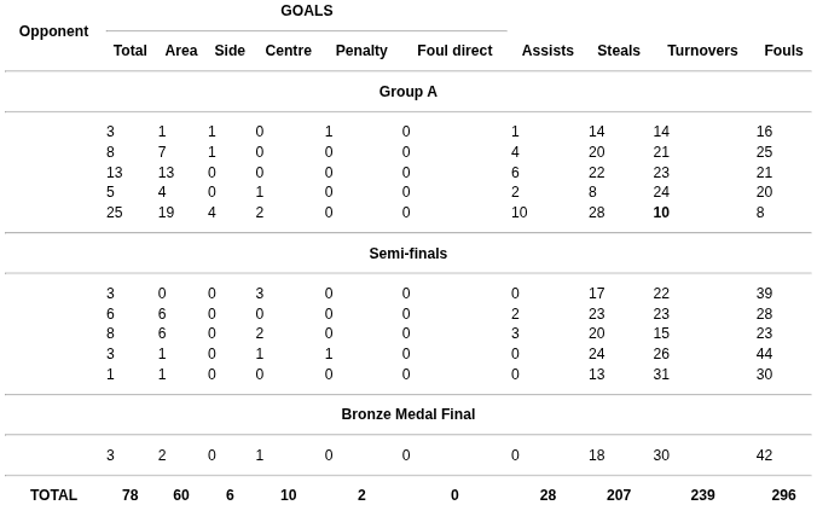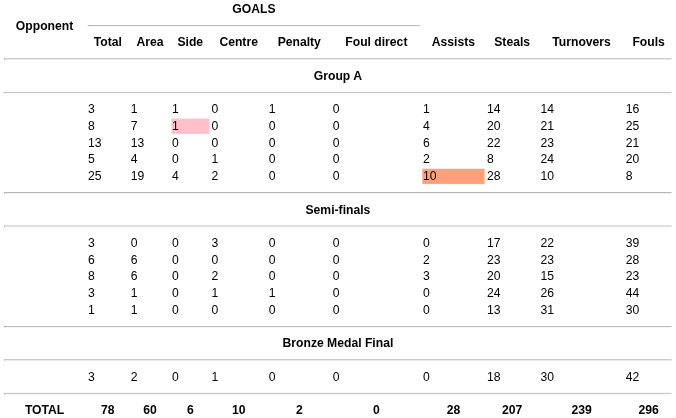 <table border=0 width=100%>
 <tr>
 <th rowspan=3>Opponent</th>
 <th align=center colspan=6 valign=bottom>GOALS</th>
 <th rowspan=3 valign=bottom>Assists</th>
 <th rowspan=3 valign=bottom>Steals</th>
 <th rowspan=3 valign=bottom>Turnovers</th>
 <th rowspan=3 valign=bottom>Fouls</th>
 </tr>
 <tr>
 <th colspan=6><hr></th>
 </tr>
 <tr>
 <th>Total</th>
 <th>Area</th>
 <th>Side</th>
 <th>Centre</th>
 <th>Penalty</th>
 <th>Foul direct</th>
 </tr>
 <tr>
 <th colspan=11><hr></th>
 </tr>
 <tr>
 <th colspan=11>Group A</th>
 </tr>
 <tr>
 <th colspan=11><hr></th>
 </tr>
 <tr>
 <td></td>
 <td>3</td>
 <td>1</td>
 <td>1</td>
 <td>0</td>
 <td>1</td>
 <td>0</td>
 <td>1</td>
 <td>14</td>
 <td>14</td>
 <td>16</td>
 </tr>
 <tr>
 <td></td>
 <td>8</td>
 <td>7</td>
-<td>1</td>
+<td style="background: pink;">1</td>
 <td>0</td>
 <td>0</td>
 <td>0</td>
 <td>4</td>
 <td>20</td>
 <td>21</td>
 <td>25</td>
 </tr>
 <tr>
 <td></td>
 <td>13</td>
 <td>13</td>
 <td>0</td>
 <td>0</td>
 <td>0</td>
 <td>0</td>
 <td>6</td>
 <td>22</td>
 <td>23</td>
 <td>21</td>
 </tr>
 <tr>
 <td></td>
 <td>5</td>
 <td>4</td>
 <td>0</td>
 <td>1</td>
 <td>0</td>
 <td>0</td>
 <td>2</td>
 <td>8</td>
 <td>24</td>
 <td>20</td>
 </tr>
 <tr>
 <td></td>
 <td>25</td>
 <td>19</td>
 <td>4</td>
 <td>2</td>
 <td>0</td>
 <td>0</td>
+<td style="background: lightsalmon;">10</td>
+<td>28</td>
 <td>10</td>
-<td>28</td>
-<td><strong>10</strong></td>
 <td>8</td>
 </tr>
 <tr>
 <th colspan=11><hr></th>
 </tr>
 <tr>
 <th colspan=11>Semi-finals</th>
 </tr>
 <tr>
 <th colspan=11><hr></th>
 </tr>
 <tr>
 <td></td>
 <td>3</td>
 <td>0</td>
 <td>0</td>
 <td>3</td>
 <td>0</td>
 <td>0</td>
 <td>0</td>
 <td>17</td>
 <td>22</td>
 <td>39</td>
 </tr>
 <tr>
 <td></td>
 <td>6</td>
 <td>6</td>
 <td>0</td>
 <td>0</td>
 <td>0</td>
 <td>0</td>
 <td>2</td>
 <td>23</td>
 <td>23</td>
 <td>28</td>
 </tr>
 <tr>
 <td></td>
 <td>8</td>
 <td>6</td>
 <td>0</td>
 <td>2</td>
 <td>0</td>
 <td>0</td>
 <td>3</td>
 <td>20</td>
 <td>15</td>
 <td>23</td>
 </tr>
 <tr>
 <td></td>
 <td>3</td>
 <td>1</td>
 <td>0</td>
 <td>1</td>
 <td>1</td>
 <td>0</td>
 <td>0</td>
 <td>24</td>
 <td>26</td>
 <td>44</td>
 </tr>
 <tr>
 <td></td>
 <td>1</td>
 <td>1</td>
 <td>0</td>
 <td>0</td>
 <td>0</td>
 <td>0</td>
 <td>0</td>
 <td>13</td>
 <td>31</td>
 <td>30</td>
 </tr>
 <tr>
 <th colspan=11><hr></th>
 </tr>
 <tr>
 <th colspan=11>Bronze Medal Final</th>
 </tr>
 <tr>
 <th colspan=11><hr></th>
 </tr>
 <tr>
 <td></td>
 <td>3</td>
 <td>2</td>
 <td>0</td>
 <td>1</td>
 <td>0</td>
 <td>0</td>
 <td>0</td>
 <td>18</td>
 <td>30</td>
 <td>42</td>
 </tr>
 <tr>
 <th colspan=11><hr></th>
 </tr>
 <tr>
 <th>TOTAL</th>
 <th>78</th>
 <th>60</th>
 <th>6</th>
 <th>10</th>
 <th>2</th>
 <th>0</th>
 <th>28</th>
 <th>207</th>
 <th>239</th>
 <th>296</th>
 </tr>
 </table>
